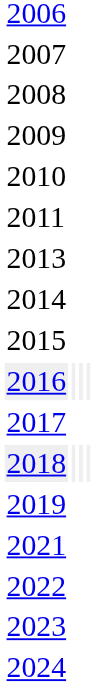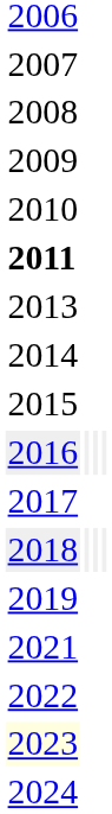 <table>
 <tr>
 <td><a href='#'>2006</a></td>
 <td></td>
 <td></td>
 <td></td>
 </tr>
 <tr>
 <td>2007</td>
 <td><br></td>
 <td><br></td>
 <td><br></td>
 </tr>
 <tr>
 <td>2008</td>
 <td><br></td>
 <td><br></td>
 <td><br></td>
 </tr>
 <tr>
 <td>2009</td>
 <td><br></td>
 <td><br></td>
 <td><br></td>
 </tr>
 <tr>
 <td>2010</td>
 <td><br></td>
 <td><br></td>
 <td><br></td>
 </tr>
 <tr>
-<td>2011</td>
+<td><strong>2011</strong></td>
 <td><br></td>
 <td><br></td>
 <td><br></td>
 </tr>
 <tr>
 <td>2013</td>
 <td><br></td>
 <td><br></td>
 <td><br></td>
 </tr>
 <tr>
 <td>2014</td>
 <td><br></td>
 <td><br></td>
 <td><br></td>
 </tr>
 <tr>
 <td>2015</td>
 <td><br></td>
 <td><br></td>
 <td><br></td>
 </tr>
 <tr bgcolor="#EFEFEF">
 <td><a href='#'>2016</a></td>
 <td><br></td>
 <td><br></td>
 <td><br></td>
 </tr>
 <tr>
 <td><a href='#'>2017</a></td>
 <td><br></td>
 <td><br></td>
 <td><br></td>
 </tr>
 <tr bgcolor="#EFEFEF">
 <td><a href='#'>2018</a></td>
 <td><br></td>
 <td><br></td>
 <td><br></td>
 </tr>
 <tr>
 <td><a href='#'>2019</a></td>
 <td><br></td>
 <td><br></td>
 <td><br></td>
 </tr>
 <tr>
 <td><a href='#'>2021</a></td>
 <td><br></td>
 <td><br></td>
 <td><br></td>
 </tr>
 <tr>
 <td><a href='#'>2022</a></td>
 <td><br></td>
 <td><br></td>
 <td><br></td>
 </tr>
 <tr>
-<td><a href='#'>2023</a></td>
+<td style="background: lightyellow;"><a href='#'>2023</a></td>
 <td><br></td>
 <td><br></td>
 <td><br></td>
 </tr>
 <tr>
 <td><a href='#'>2024</a></td>
 <td><br></td>
 <td><br></td>
 <td><br></td>
 </tr>
 </table>
